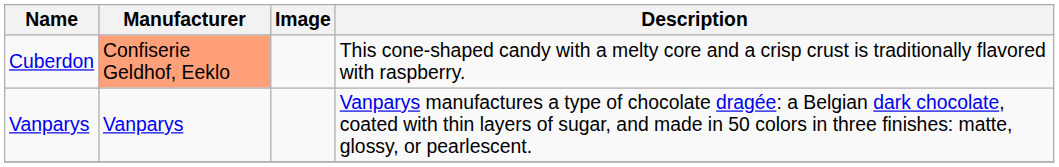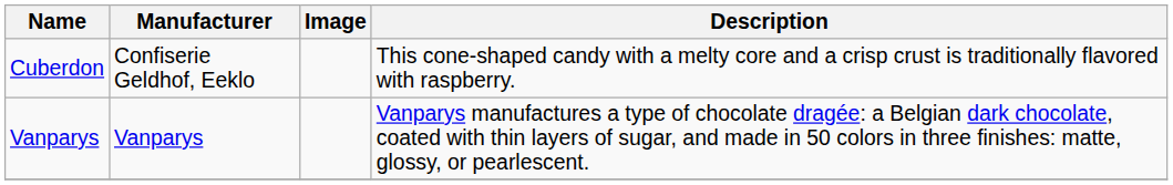 <table class="wikitable sortable">
 <tr>
 <th>Name</th>
 <th>Manufacturer</th>
 <th class="unsortable">Image</th>
 <th>Description</th>
 </tr>
 <tr>
 <td><a href='#'>Cuberdon</a></td>
-<td style="background: lightsalmon;">Confiserie Geldhof, Eeklo</td>
+<td>Confiserie Geldhof, Eeklo</td>
 <td></td>
 <td>This cone-shaped candy with a melty core and a crisp crust is traditionally flavored with raspberry.</td>
 </tr>
 <tr>
 <td><a href='#'>Vanparys</a></td>
 <td><a href='#'>Vanparys</a></td>
 <td></td>
 <td><a href='#'>Vanparys</a> manufactures a type of chocolate <a href='#'>dragée</a>: a Belgian <a href='#'>dark chocolate</a>, coated with thin layers of sugar, and made in 50 colors in three finishes: matte, glossy, or pearlescent.</td>
 </tr>
 <tr>
 </tr>
 </table>
